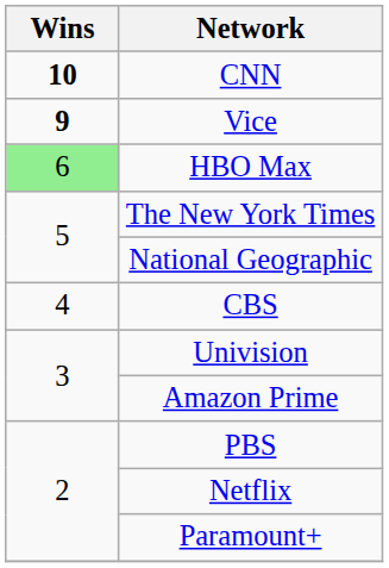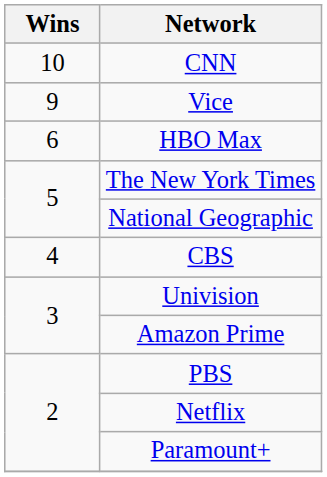 <table class="wikitable floatright" style="text-align: center;">
 <tr>
 <th scope="col" style="width:55px;">Wins</th>
 <th scope="col" style="text-align:center;">Network</th>
 </tr>
 <tr>
-<td scope=row style="text-align:center"><strong>10</strong></td>
+<td scope=row style="text-align:center">10</td>
 <td><a href='#'>CNN</a></td>
 </tr>
 <tr>
-<td scope=row style="text-align:center"><strong>9</strong></td>
+<td scope=row style="text-align:center">9</td>
 <td><a href='#'>Vice</a></td>
 </tr>
 <tr>
-<td scope=row style="background: lightgreen; text-align:center">6</td>
+<td scope=row style="text-align:center">6</td>
 <td><a href='#'>HBO Max</a></td>
 </tr>
 <tr>
 <td rowspan="2" scope=row style="text-align:center">5</td>
 <td><a href='#'>The New York Times</a></td>
 </tr>
 <tr>
 <td><a href='#'>National Geographic</a></td>
 </tr>
 <tr>
 <td scope=row style="text-align:center">4</td>
 <td><a href='#'>CBS</a></td>
 </tr>
 <tr>
 <td rowspan="2" scope=row style="text-align:center">3</td>
 <td><a href='#'>Univision</a></td>
 </tr>
 <tr>
 <td><a href='#'>Amazon Prime</a></td>
 </tr>
 <tr>
 <td rowspan="3" scope=row style="text-align:center">2</td>
 <td><a href='#'>PBS</a></td>
 </tr>
 <tr>
 <td><a href='#'>Netflix</a></td>
 </tr>
 <tr>
 <td><a href='#'>Paramount+</a></td>
 </tr>
 <tr>
 </tr>
 </table>
